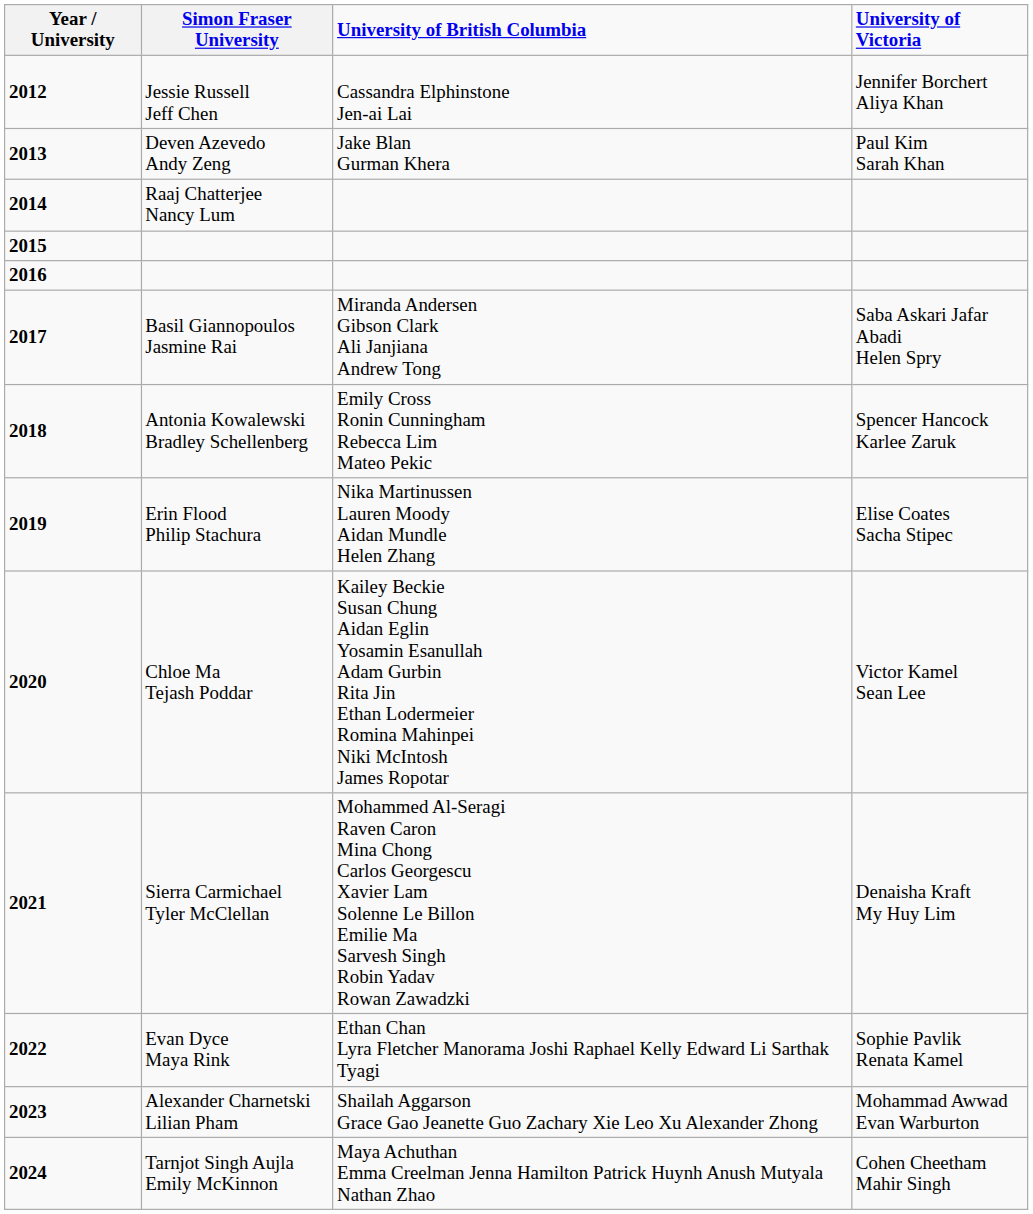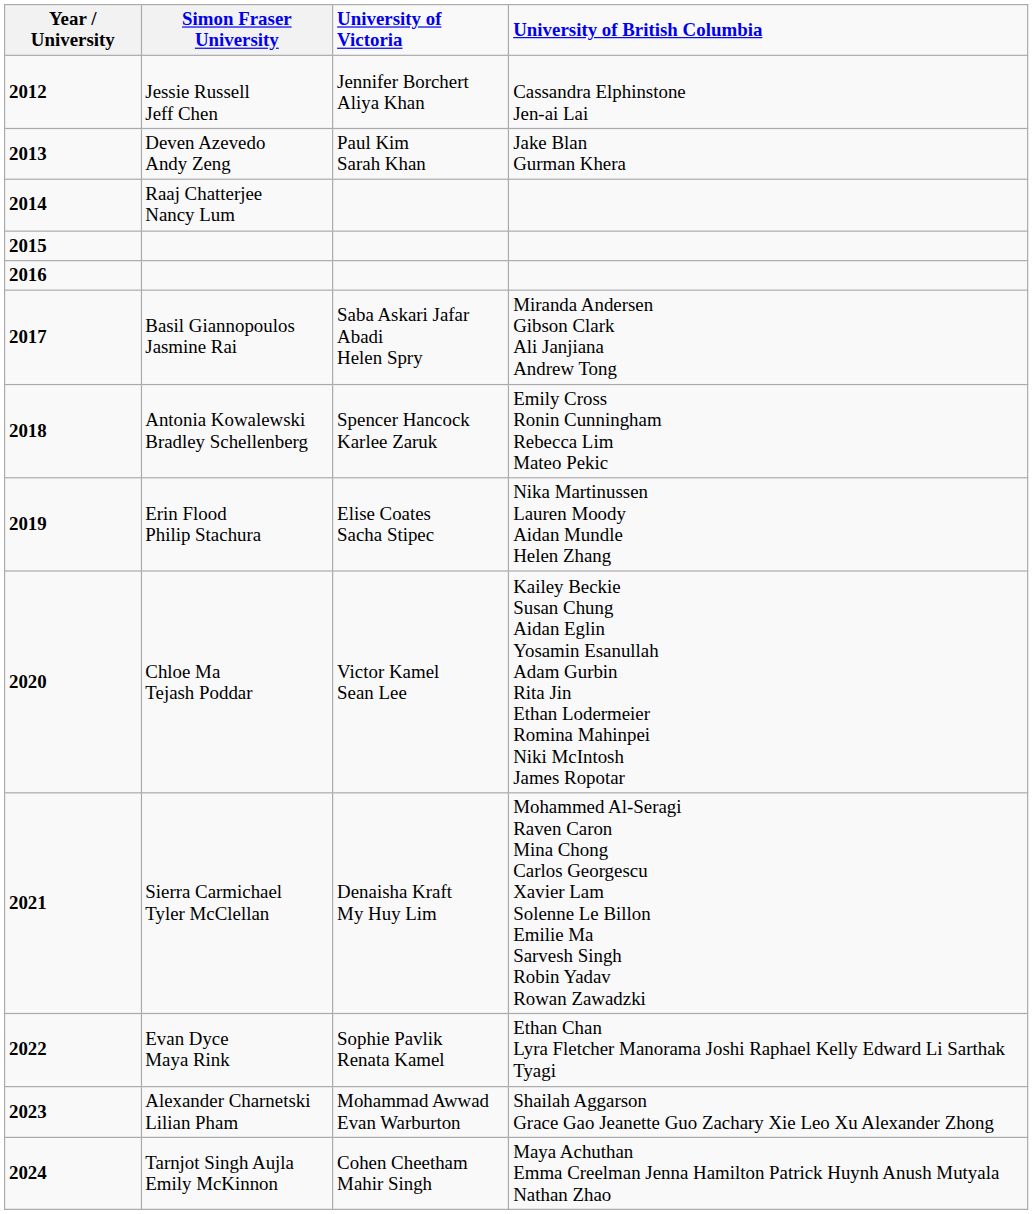 <table class="wikitable">
 <tr>
 <th>Year / University</th>
 <th><strong><a href='#'>Simon Fraser University</a></strong></th>
+<td><strong><a href='#'>University of Victoria</a></strong></td>
 <td><strong><a href='#'>University of British Columbia</a></strong></td>
-<td><strong><a href='#'>University of Victoria</a></strong></td>
 </tr>
 <tr>
 <td><strong>2012</strong></td>
 <td><br>Jessie Russell<br>Jeff Chen</td>
+<td>Jennifer Borchert<br>Aliya Khan</td>
 <td><br>Cassandra Elphinstone<br>Jen-ai Lai</td>
-<td>Jennifer Borchert<br>Aliya Khan</td>
 </tr>
 <tr>
 <td><strong>2013</strong></td>
 <td>Deven Azevedo<br>Andy Zeng</td>
+<td>Paul Kim<br>Sarah Khan</td>
 <td>Jake Blan<br>Gurman Khera</td>
-<td>Paul Kim<br>Sarah Khan</td>
 </tr>
 <tr>
 <td><strong>2014</strong></td>
 <td>Raaj Chatterjee<br>Nancy Lum</td>
 <td></td>
 <td></td>
 </tr>
 <tr>
 <td><strong>2015</strong></td>
 <td></td>
 <td></td>
 <td></td>
 </tr>
 <tr>
 <td><strong>2016</strong></td>
 <td></td>
 <td></td>
 <td></td>
 </tr>
 <tr>
 <td><strong>2017</strong></td>
 <td>Basil Giannopoulos<br>Jasmine Rai</td>
+<td>Saba Askari Jafar Abadi<br>Helen Spry</td>
 <td>Miranda Andersen<br>Gibson Clark<br>Ali Janjiana<br>Andrew Tong</td>
-<td>Saba Askari Jafar Abadi<br>Helen Spry</td>
 </tr>
 <tr>
 <td><strong>2018</strong></td>
 <td>Antonia Kowalewski<br>Bradley Schellenberg</td>
+<td>Spencer Hancock<br>Karlee Zaruk</td>
 <td>Emily Cross<br>Ronin Cunningham<br>Rebecca Lim<br>Mateo Pekic</td>
-<td>Spencer Hancock<br>Karlee Zaruk</td>
 </tr>
 <tr>
 <td><strong>2019</strong></td>
 <td>Erin Flood<br>Philip Stachura</td>
+<td>Elise Coates<br>Sacha Stipec</td>
 <td>Nika Martinussen<br>Lauren Moody<br>Aidan Mundle<br>Helen Zhang</td>
-<td>Elise Coates<br>Sacha Stipec</td>
 </tr>
 <tr>
 <td><strong>2020</strong></td>
 <td>Chloe Ma<br>Tejash Poddar</td>
+<td>Victor Kamel<br>Sean Lee</td>
 <td>Kailey Beckie<br>Susan Chung<br>Aidan Eglin<br>Yosamin Esanullah<br>Adam Gurbin<br>Rita Jin<br>Ethan Lodermeier<br>Romina Mahinpei<br>Niki McIntosh<br>James Ropotar</td>
-<td>Victor Kamel<br>Sean Lee</td>
 </tr>
 <tr>
 <td><strong>2021</strong></td>
 <td>Sierra Carmichael<br>Tyler McClellan</td>
+<td>Denaisha Kraft<br>My Huy Lim</td>
 <td>Mohammed Al-Seragi<br>Raven Caron<br>Mina Chong<br>Carlos Georgescu<br>Xavier Lam<br>Solenne Le Billon<br>Emilie Ma<br>Sarvesh Singh<br>Robin Yadav<br>Rowan Zawadzki</td>
-<td>Denaisha Kraft<br>My Huy Lim</td>
 </tr>
 <tr>
 <td><strong>2022</strong></td>
 <td>Evan Dyce<br>Maya Rink</td>
+<td>Sophie Pavlik<br>Renata Kamel</td>
 <td>Ethan Chan<br>Lyra Fletcher Manorama Joshi Raphael Kelly Edward Li Sarthak Tyagi</td>
-<td>Sophie Pavlik<br>Renata Kamel</td>
 </tr>
 <tr>
 <td><strong>2023</strong></td>
 <td>Alexander Charnetski<br>Lilian Pham</td>
+<td>Mohammad Awwad<br>Evan Warburton</td>
 <td>Shailah Aggarson<br>Grace Gao Jeanette Guo Zachary Xie Leo Xu Alexander Zhong</td>
-<td>Mohammad Awwad<br>Evan Warburton</td>
 </tr>
 <tr>
 <td><strong>2024</strong></td>
 <td>Tarnjot Singh Aujla<br>Emily McKinnon</td>
+<td>Cohen Cheetham<br>Mahir Singh</td>
 <td>Maya Achuthan<br>Emma Creelman Jenna Hamilton Patrick Huynh Anush Mutyala Nathan Zhao</td>
-<td>Cohen Cheetham<br>Mahir Singh</td>
 </tr>
 </table>
